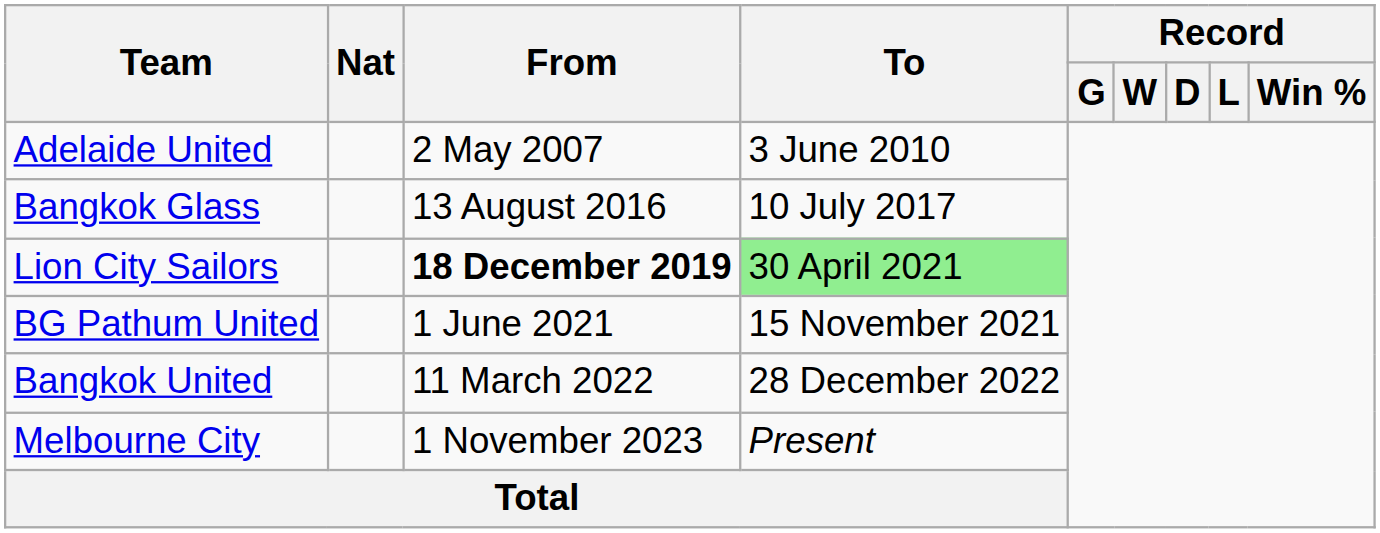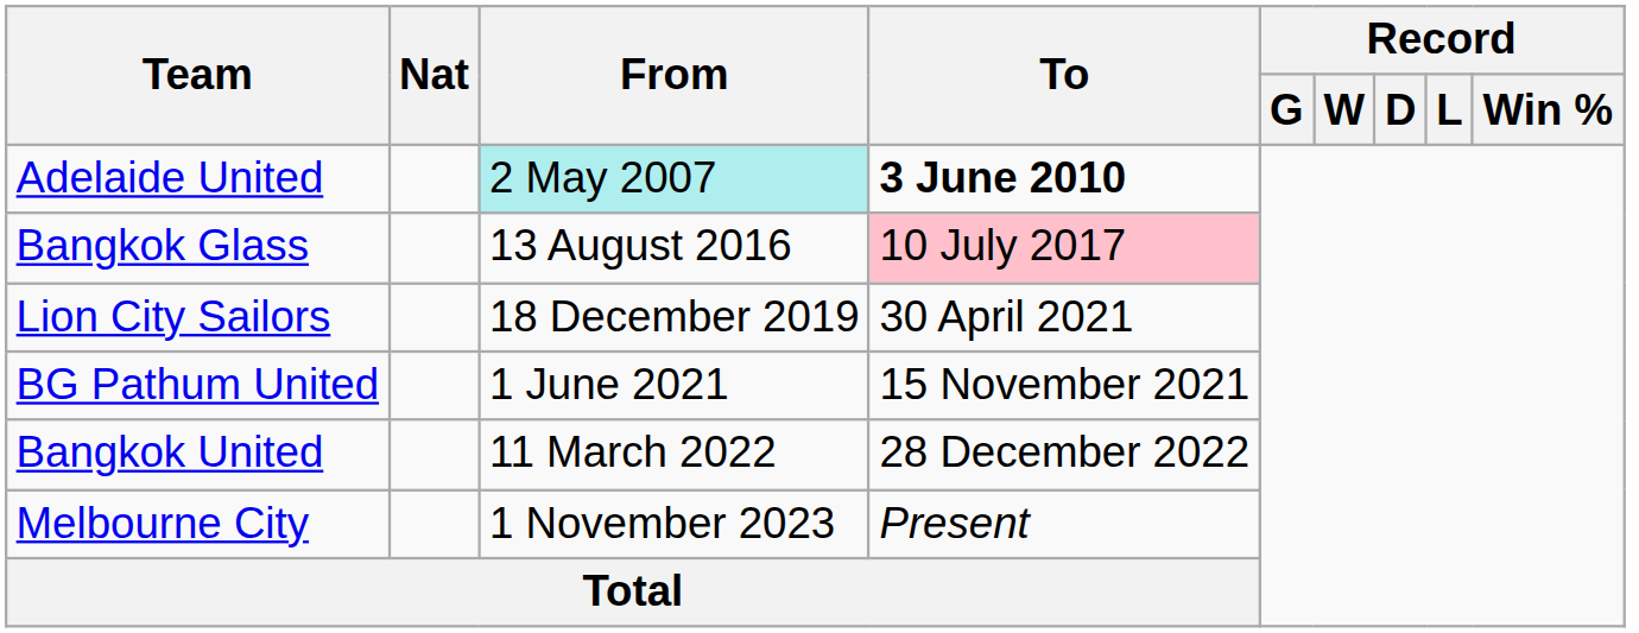 <table class="wikitable" style="text-align: center">
 <tr>
 <th rowspan="2">Team</th>
 <th rowspan="2">Nat</th>
 <th rowspan="2">From</th>
 <th rowspan="2">To</th>
 <th colspan="5">Record</th>
 </tr>
 <tr>
 <th>G</th>
 <th>W</th>
 <th>D</th>
 <th>L</th>
 <th>Win %</th>
 </tr>
 <tr>
 <td align="left"><a href='#'>Adelaide United</a></td>
 <td></td>
-<td align="left">2 May 2007</td>
-<td align="left">3 June 2010<br></td>
+<td align="left" style="background: paleturquoise;">2 May 2007</td>
+<td align="left"><strong>3 June 2010<br></strong></td>
 </tr>
 <tr>
 <td align="left"><a href='#'>Bangkok Glass</a></td>
 <td></td>
 <td align="left">13 August 2016</td>
-<td align="left">10 July 2017<br></td>
+<td align="left" style="background: pink;">10 July 2017<br></td>
 </tr>
 <tr>
 <td align="left"><a href='#'>Lion City Sailors</a></td>
 <td></td>
-<td align="left"><strong>18 December 2019</strong></td>
-<td align="left" style="background: lightgreen;">30 April 2021<br></td>
+<td align="left">18 December 2019</td>
+<td align="left">30 April 2021<br></td>
 </tr>
 <tr>
 <td align="left"><a href='#'>BG Pathum United</a></td>
 <td></td>
 <td align="left">1 June 2021</td>
 <td align="left">15 November 2021<br></td>
 </tr>
 <tr>
 <td align="left"><a href='#'>Bangkok United</a></td>
 <td></td>
 <td align="left">11 March 2022</td>
 <td align="left">28 December 2022<br></td>
 </tr>
 <tr>
 <td align="left"><a href='#'>Melbourne City</a></td>
 <td></td>
 <td align="left">1 November 2023</td>
 <td align="left"><em>Present</em><br></td>
 </tr>
 <tr>
 <th colspan="4">Total<br></th>
 </tr>
 </table>
